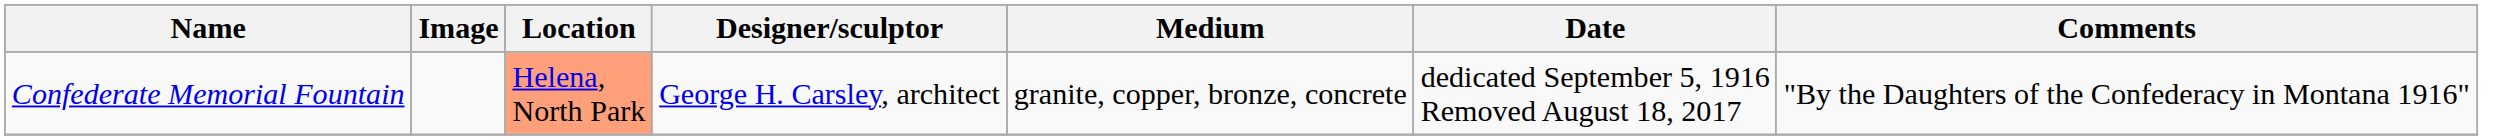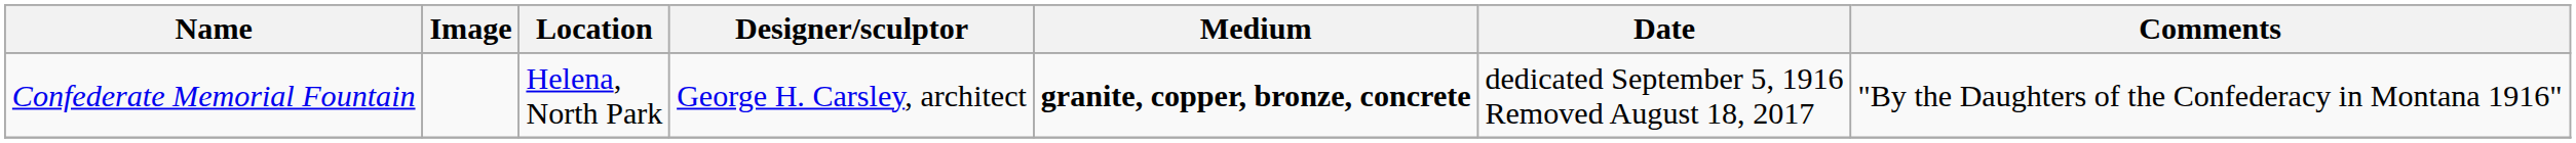 <table class="wikitable sortable">
 <tr>
 <th>Name</th>
 <th>Image</th>
 <th>Location</th>
 <th>Designer/sculptor</th>
 <th>Medium</th>
 <th>Date</th>
 <th>Comments</th>
 </tr>
 <tr>
 <td><em><a href='#'>Confederate Memorial Fountain</a></em></td>
 <td></td>
-<td style="background: lightsalmon;"><a href='#'>Helena</a>,<br>North Park</td>
+<td><a href='#'>Helena</a>,<br>North Park</td>
 <td><a href='#'>George H. Carsley</a>, architect</td>
-<td>granite, copper, bronze, concrete</td>
+<td><strong>granite, copper, bronze, concrete</strong></td>
 <td>dedicated September 5, 1916 <br> Removed August 18, 2017</td>
 <td>"By the Daughters of the Confederacy in Montana 1916" </td>
 </tr>
 <tr>
 </tr>
 </table>
